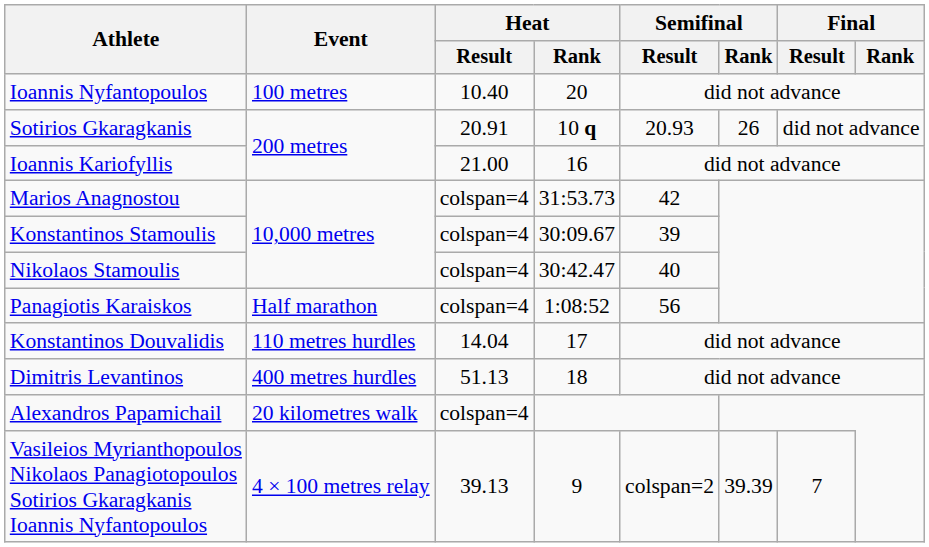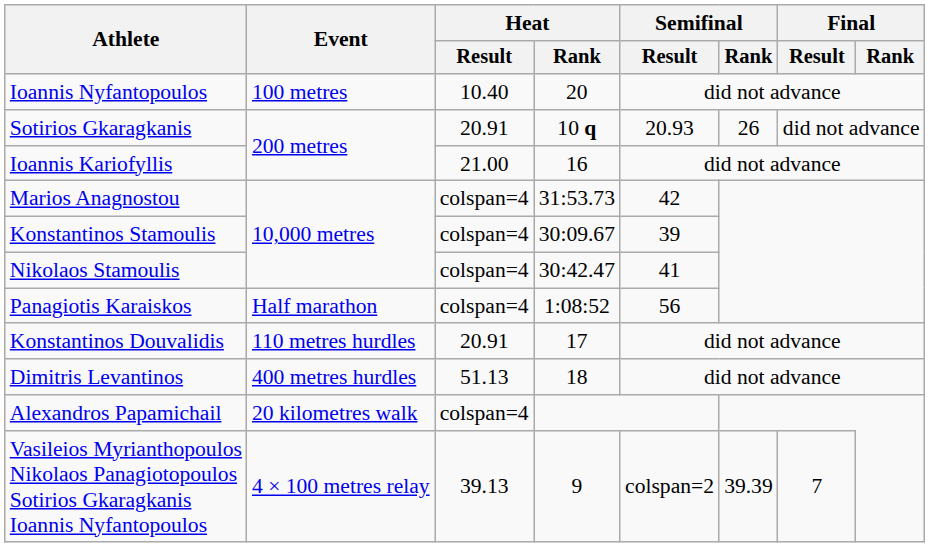 <table class=wikitable style=font-size:90%>
 <tr>
 <th rowspan=2>Athlete</th>
 <th rowspan=2>Event</th>
 <th colspan=2>Heat</th>
 <th colspan=2>Semifinal</th>
 <th colspan=2>Final</th>
 </tr>
 <tr style=font-size:95%>
 <th>Result</th>
 <th>Rank</th>
 <th>Result</th>
 <th>Rank</th>
 <th>Result</th>
 <th>Rank</th>
 </tr>
 <tr align=center>
 <td align=left><a href='#'>Ioannis Nyfantopoulos</a></td>
 <td align=left><a href='#'>100 metres</a></td>
 <td>10.40</td>
 <td>20</td>
 <td colspan=4>did not advance</td>
 </tr>
 <tr align=center>
 <td align=left><a href='#'>Sotirios Gkaragkanis</a></td>
 <td align=left rowspan=2><a href='#'>200 metres</a></td>
 <td>20.91</td>
 <td>10 <strong>q</strong></td>
 <td>20.93</td>
 <td>26</td>
 <td colspan=2>did not advance</td>
 </tr>
 <tr align=center>
 <td align=left><a href='#'>Ioannis Kariofyllis</a></td>
 <td>21.00</td>
 <td>16</td>
 <td colspan=4>did not advance</td>
 </tr>
 <tr align=center>
 <td align=left><a href='#'>Marios Anagnostou</a></td>
 <td align=left rowspan=3><a href='#'>10,000 metres</a></td>
 <td>colspan=4</td>
 <td>31:53.73</td>
 <td>42</td>
 </tr>
 <tr align=center>
 <td align=left><a href='#'>Konstantinos Stamoulis</a></td>
 <td>colspan=4</td>
 <td>30:09.67</td>
 <td>39</td>
 </tr>
 <tr align=center>
 <td align=left><a href='#'>Nikolaos Stamoulis</a></td>
 <td>colspan=4</td>
 <td>30:42.47</td>
-<td>40</td>
+<td>41</td>
 </tr>
 <tr align=center>
 <td align=left><a href='#'>Panagiotis Karaiskos</a></td>
 <td align=left><a href='#'>Half marathon</a></td>
 <td>colspan=4</td>
 <td>1:08:52</td>
 <td>56</td>
 </tr>
 <tr align=center>
 <td align=left><a href='#'>Konstantinos Douvalidis</a></td>
 <td align=left><a href='#'>110 metres hurdles</a></td>
-<td>14.04</td>
+<td>20.91</td>
 <td>17</td>
 <td colspan=4>did not advance</td>
 </tr>
 <tr align=center>
 <td align=left><a href='#'>Dimitris Levantinos</a></td>
 <td align=left><a href='#'>400 metres hurdles</a></td>
 <td>51.13</td>
 <td>18</td>
 <td colspan=4>did not advance</td>
 </tr>
 <tr align=center>
 <td align=left><a href='#'>Alexandros Papamichail</a></td>
 <td align=left><a href='#'>20 kilometres walk</a></td>
 <td>colspan=4 </td>
 <td colspan=2></td>
 </tr>
 <tr align=center>
 <td align=left><a href='#'>Vasileios Myrianthopoulos</a><br><a href='#'>Nikolaos Panagiotopoulos</a><br><a href='#'>Sotirios Gkaragkanis</a><br><a href='#'>Ioannis Nyfantopoulos</a></td>
 <td align=left><a href='#'>4 × 100 metres relay</a></td>
 <td>39.13 </td>
 <td>9</td>
 <td>colspan=2</td>
 <td>39.39</td>
 <td>7</td>
 </tr>
 </table>
